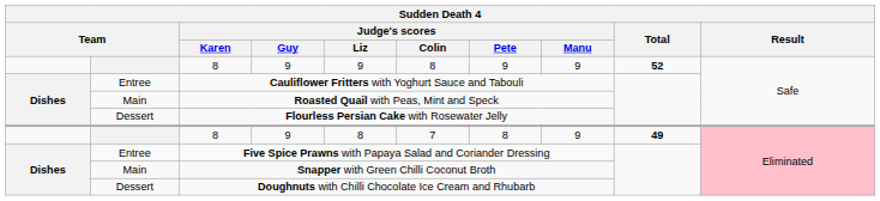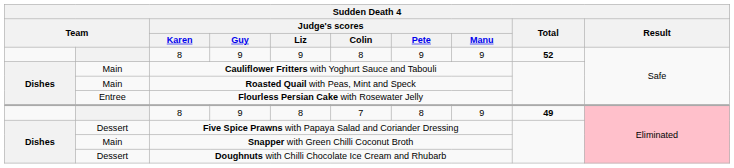 <table class="wikitable plainrowheaders" style="margin: 1em auto; text-align:center; font-size:90%; width:80em;">
 <tr>
 <th colspan="10" >Sudden Death 4</th>
 </tr>
 <tr>
 <th rowspan="2" style="width:20%;" colspan="2">Team</th>
 <th colspan="6" style="width:50%;">Judge's scores</th>
 <th rowspan="2" style="width:10%;">Total<br></th>
 <th rowspan="2" style="width:20%;">Result</th>
 </tr>
 <tr>
 <th style="width:50px;"><a href='#'>Karen</a></th>
 <th style="width:50px;"><a href='#'>Guy</a></th>
 <th style="width:50px;">Liz</th>
 <th style="width:50px;">Colin</th>
 <th style="width:50px;"><a href='#'>Pete</a></th>
 <th style="width:50px;"><a href='#'>Manu</a></th>
 </tr>
 <tr>
 <td></td>
 <th style="text-align:centre"></th>
 <td>8</td>
 <td>9</td>
 <td>9</td>
 <td>8</td>
 <td>9</td>
 <td>9</td>
 <td><strong>52</strong></td>
 <td rowspan="4">Safe</td>
 </tr>
 <tr>
 <th rowspan="3">Dishes</th>
-<td>Entree</td>
+<td>Main</td>
 <td colspan="6"><strong>Cauliflower Fritters</strong> with Yoghurt Sauce and Tabouli</td>
 </tr>
 <tr>
 <td>Main</td>
 <td colspan="6"><strong>Roasted Quail</strong> with Peas, Mint and Speck</td>
 </tr>
 <tr>
-<td>Dessert</td>
+<td>Entree</td>
 <td colspan="6"><strong>Flourless Persian Cake</strong> with Rosewater Jelly</td>
 </tr>
 <tr style="border-top:3px solid #aaa;">
 <td></td>
 <th style="text-align:centre"></th>
 <td>8</td>
 <td>9</td>
 <td>8</td>
 <td>7</td>
 <td>8</td>
 <td>9</td>
 <td><strong>49</strong></td>
 <td rowspan="4" style="background:pink">Eliminated</td>
 </tr>
 <tr>
 <th rowspan="3">Dishes</th>
-<td>Entree</td>
+<td>Dessert</td>
 <td colspan="6"><strong>Five Spice Prawns</strong> with Papaya Salad and Coriander Dressing</td>
 </tr>
 <tr>
 <td>Main</td>
 <td colspan="6"><strong>Snapper</strong> with Green Chilli Coconut Broth</td>
 </tr>
 <tr>
 <td>Dessert</td>
 <td colspan="6"><strong>Doughnuts</strong> with Chilli Chocolate Ice Cream and Rhubarb</td>
 </tr>
 </table>
